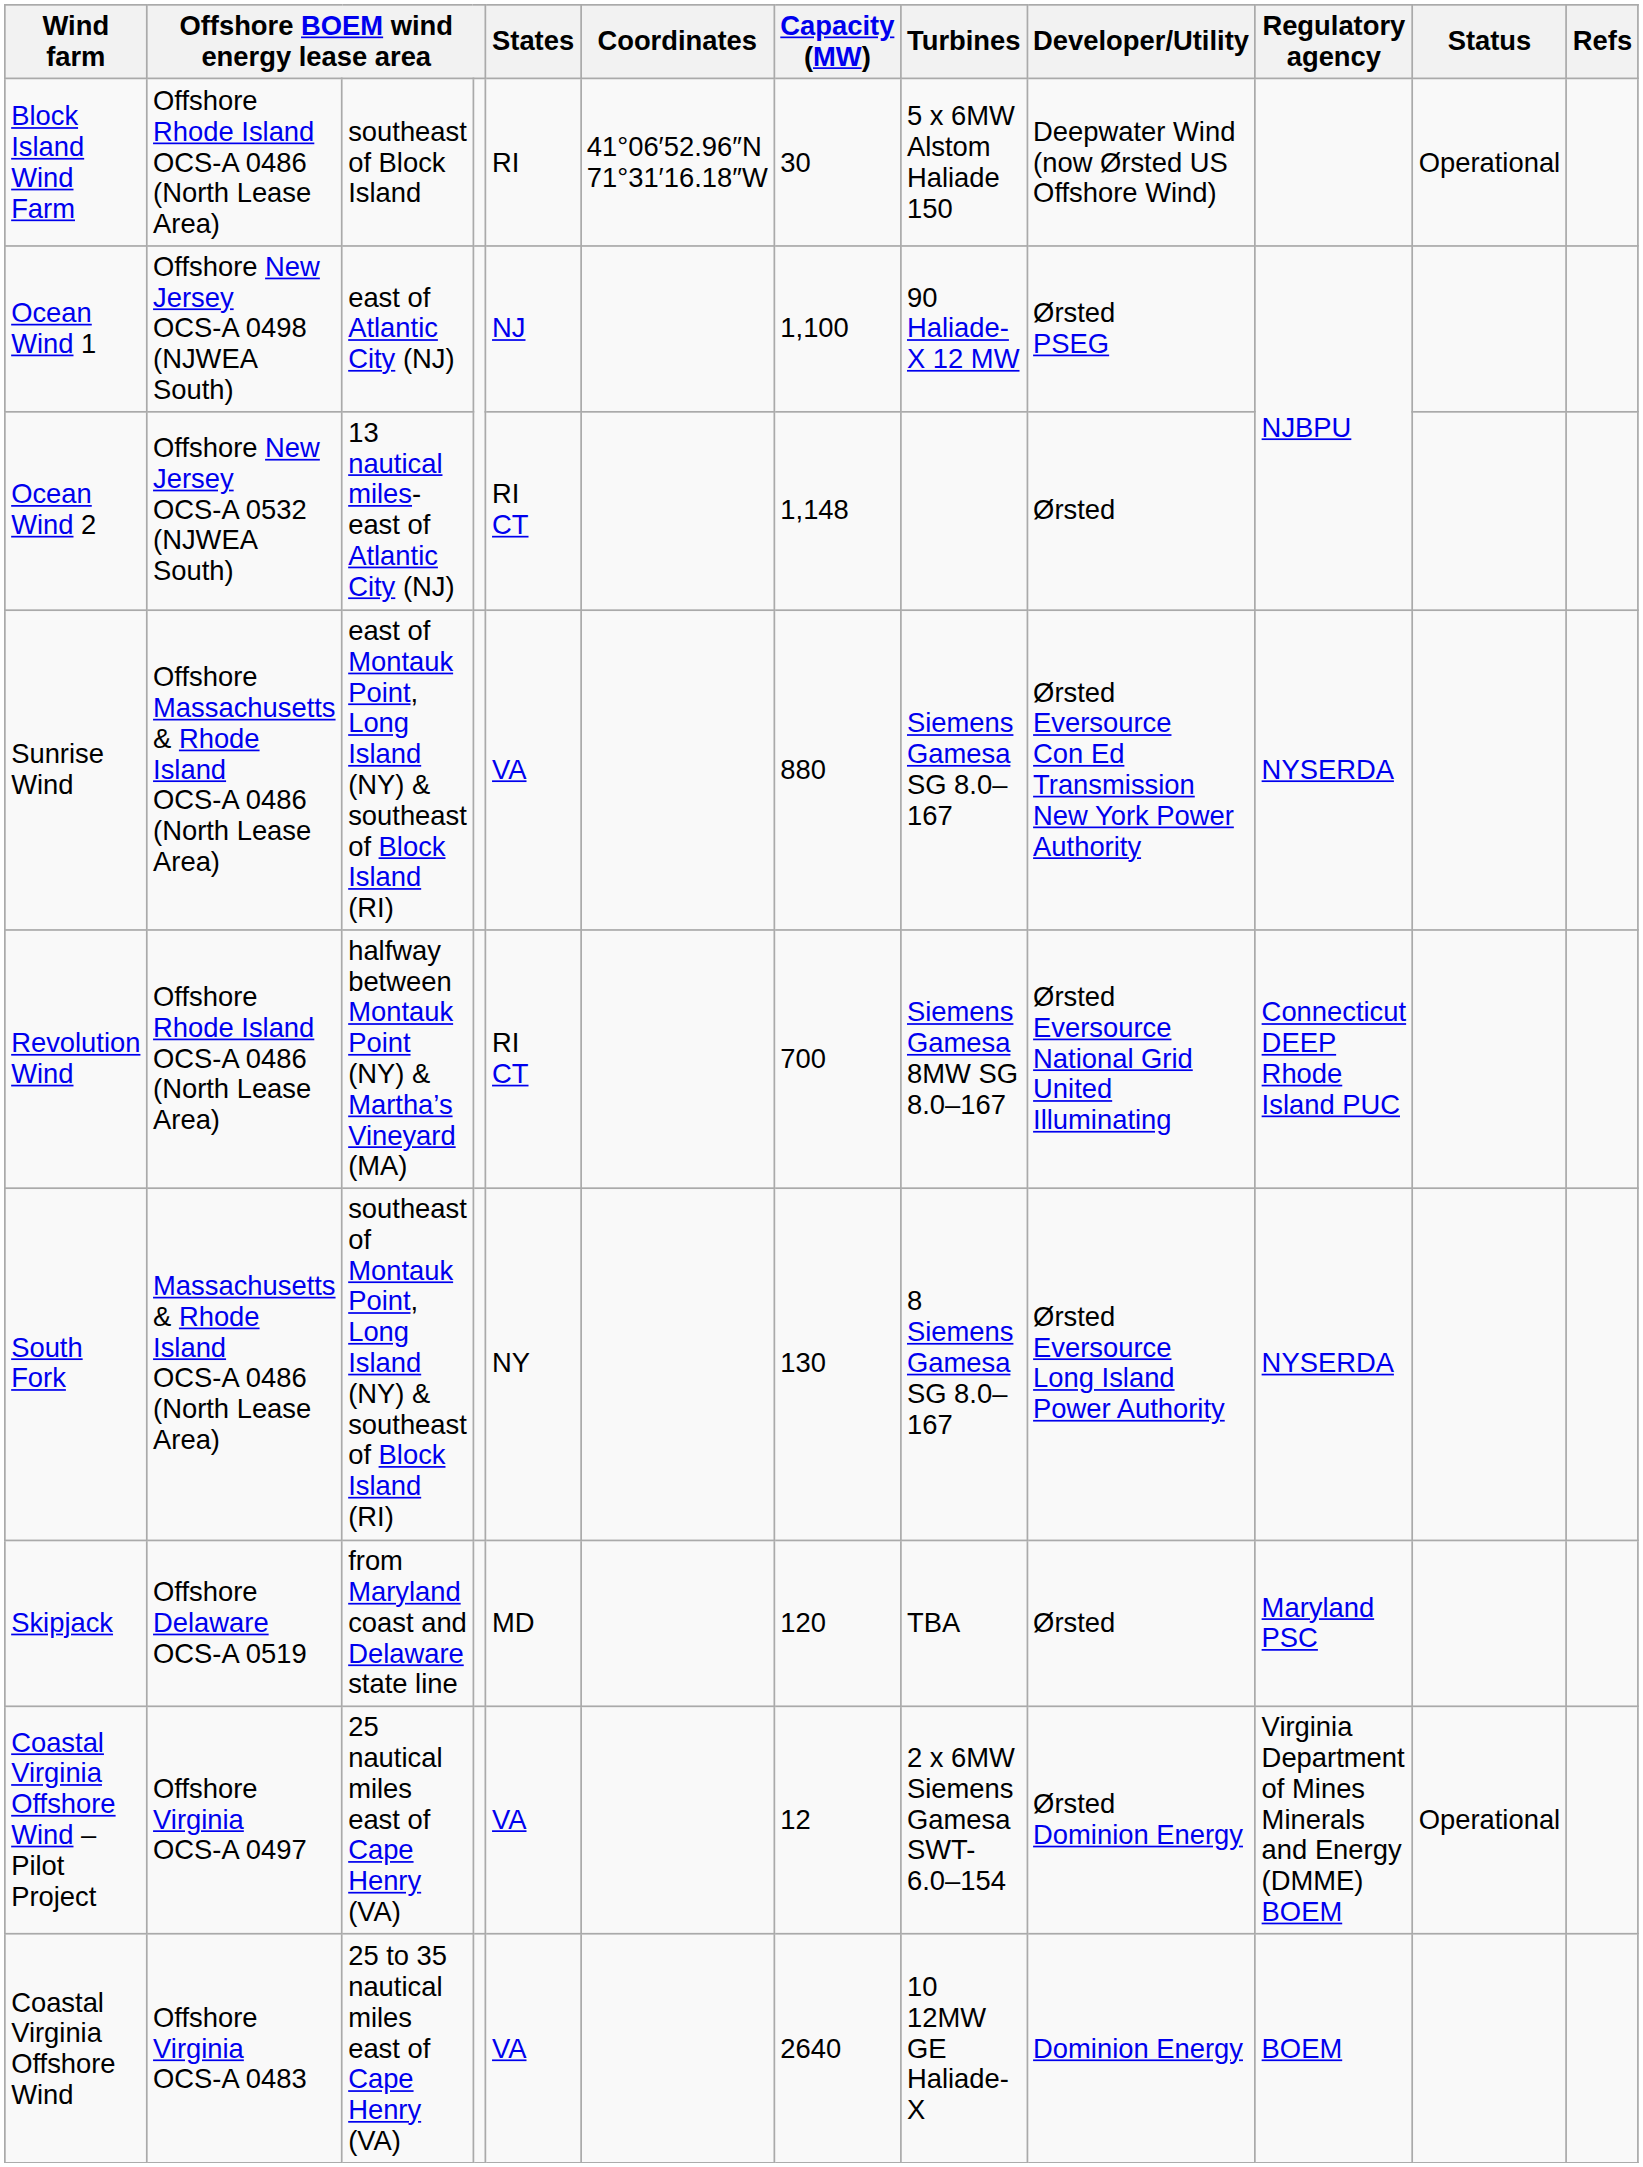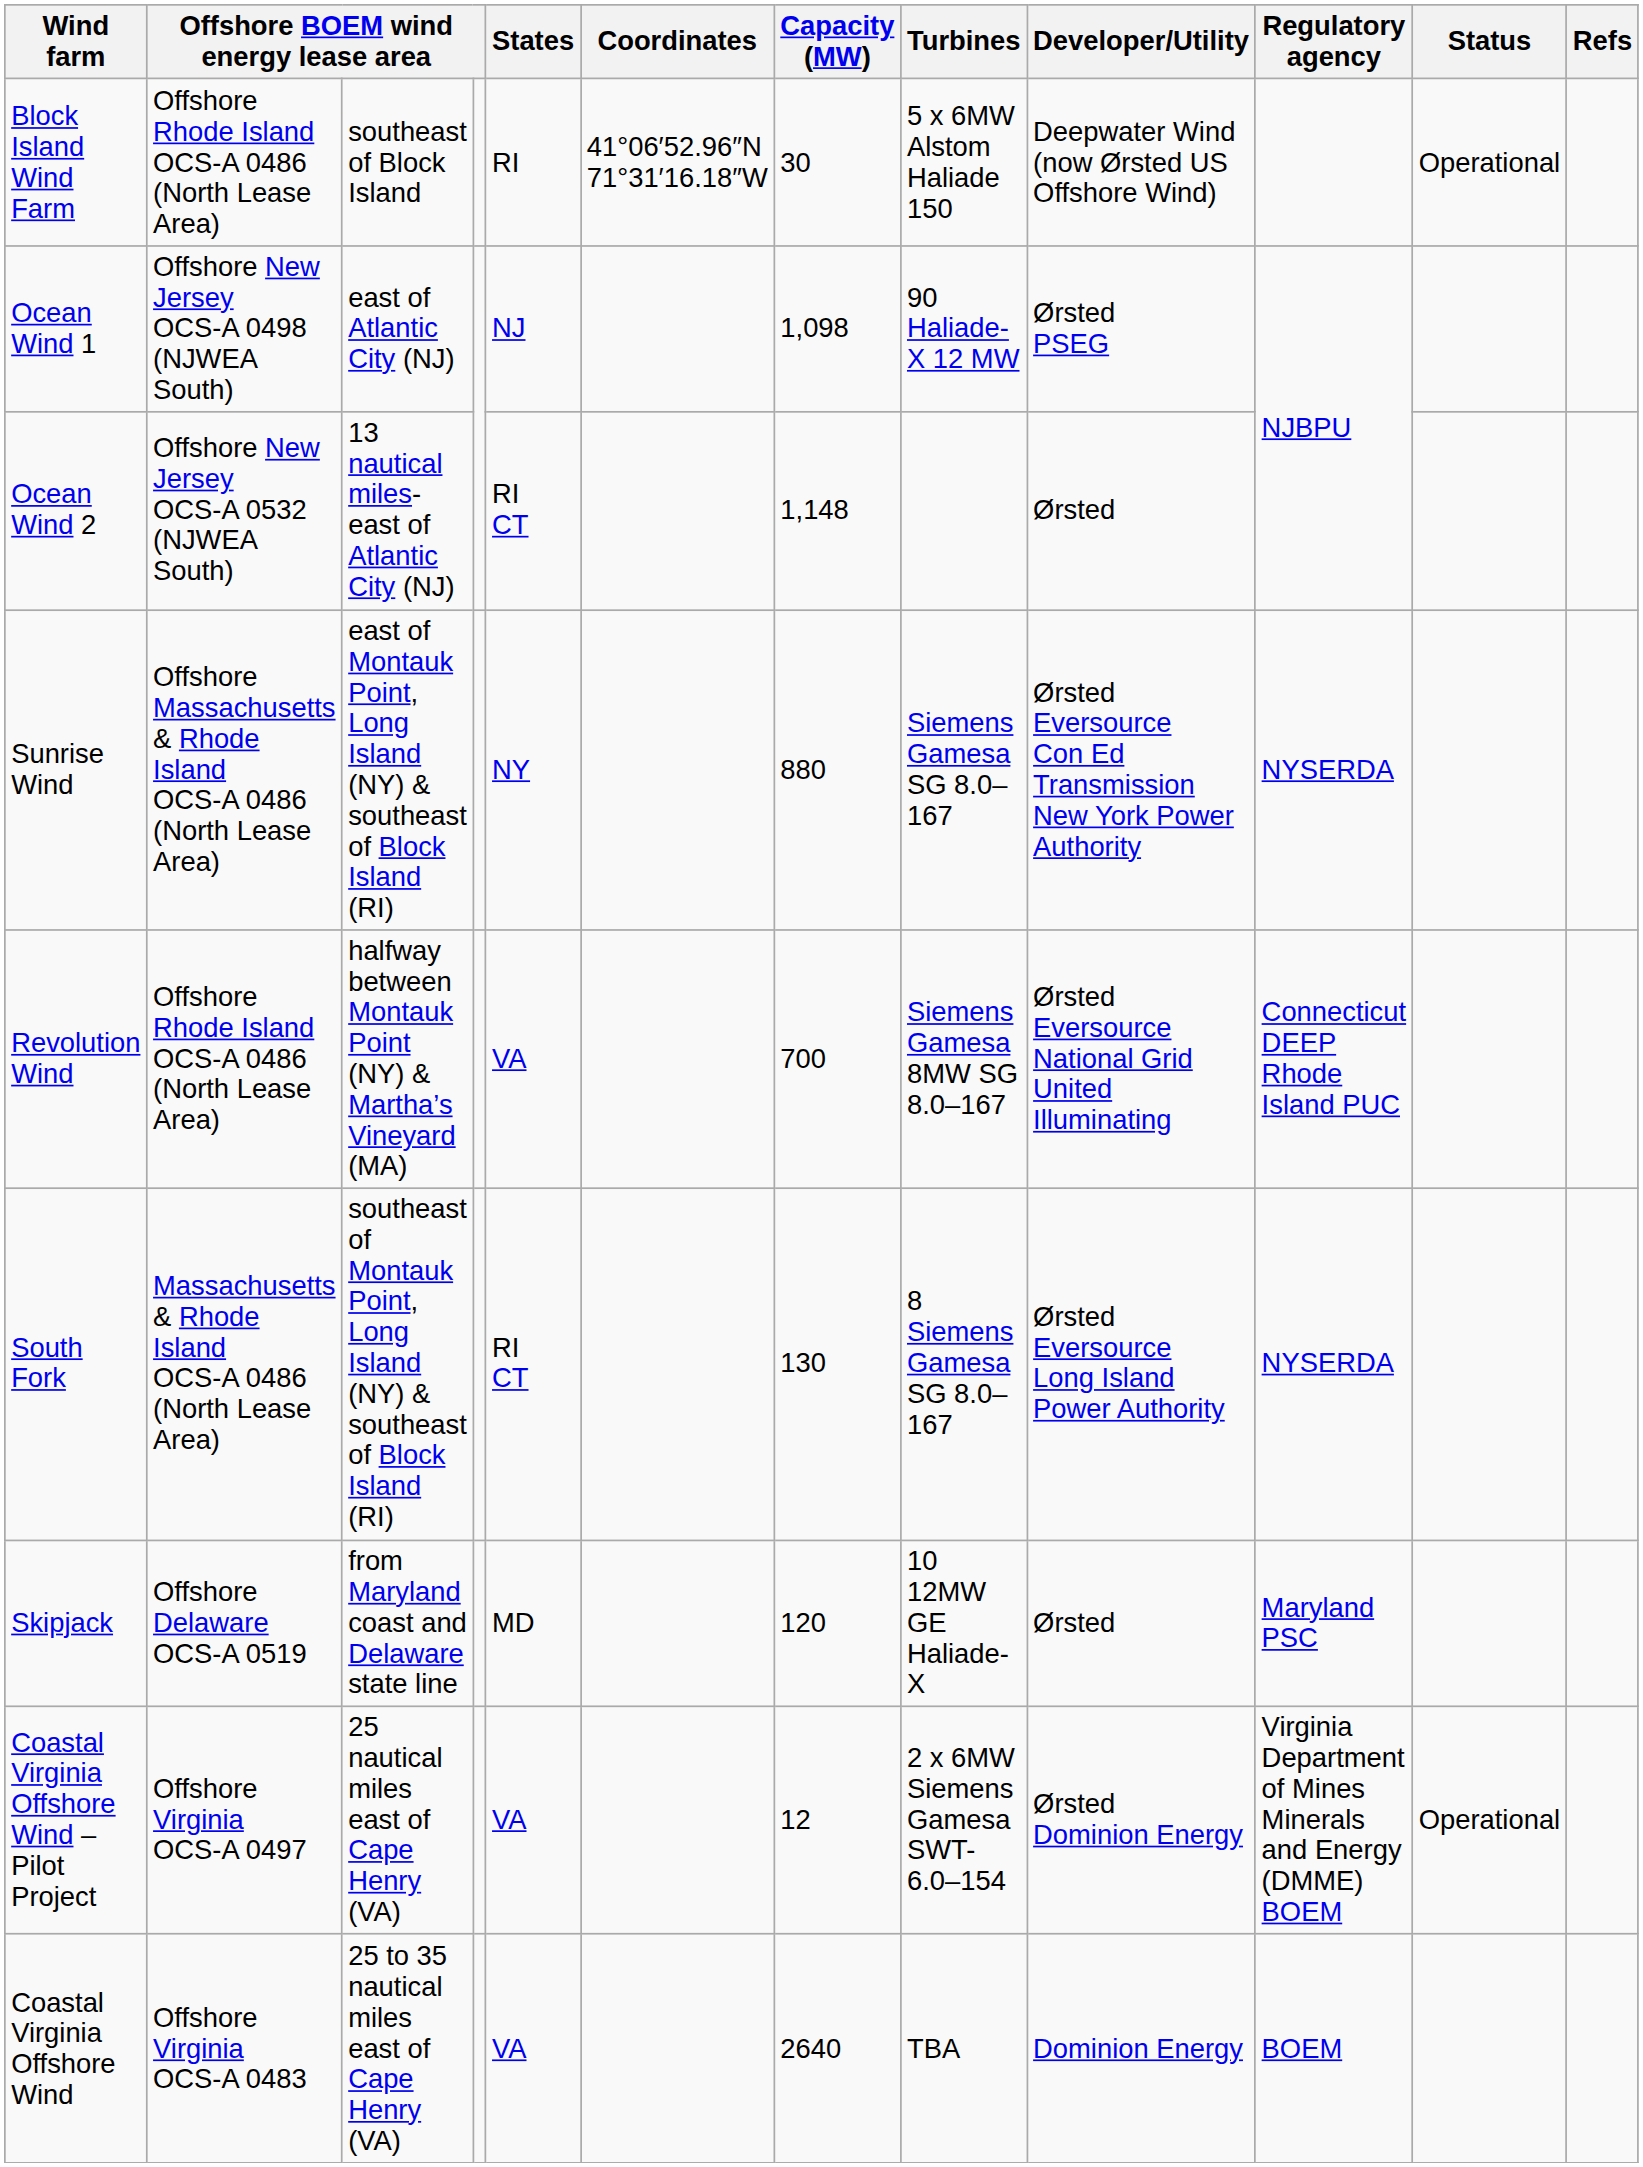 <table class="wikitable sortable">
 <tr>
 <th>Wind farm</th>
 <th colspan="3">Offshore <a href='#'>BOEM</a> wind energy lease area</th>
 <th>States</th>
 <th class="unsortable">Coordinates</th>
 <th data-sort-type="number"><a href='#'>Capacity</a><br>(<a href='#'>MW</a>)</th>
 <th>Turbines</th>
 <th>Developer/Utility</th>
 <th>Regulatory agency</th>
 <th>Status</th>
 <th>Refs</th>
 </tr>
 <tr>
 <td><a href='#'>Block Island Wind Farm</a></td>
 <td>Offshore <a href='#'>Rhode Island</a> OCS-A 0486 (North Lease Area)</td>
 <td> southeast of Block Island</td>
 <td></td>
 <td>RI</td>
 <td>41°06′52.96″N 71°31′16.18″W</td>
 <td>30</td>
 <td>5 x 6MW Alstom Haliade 150</td>
 <td>Deepwater Wind (now Ørsted US Offshore Wind)</td>
 <td></td>
 <td>Operational </td>
 <td></td>
 </tr>
 <tr>
 <td><a href='#'>Ocean Wind</a> 1</td>
 <td>Offshore <a href='#'>New Jersey</a><br>OCS-A 0498 (NJWEA South)</td>
 <td> east of <a href='#'>Atlantic City</a> (NJ)</td>
 <td rowspan="2"></td>
 <td><a href='#'>NJ</a></td>
 <td></td>
-<td>1,100</td>
+<td>1,098</td>
 <td>90 <a href='#'>Haliade-X 12 MW</a></td>
 <td>Ørsted<br><a href='#'>PSEG</a></td>
 <td rowspan="2"><a href='#'>NJBPU</a></td>
 <td></td>
 <td></td>
 </tr>
 <tr>
 <td><a href='#'>Ocean Wind</a> 2</td>
 <td>Offshore <a href='#'>New Jersey</a><br>OCS-A 0532 (NJWEA South)</td>
 <td>13 <a href='#'>nautical miles</a>- east of <a href='#'>Atlantic City</a> (NJ)</td>
 <td>RI<br><a href='#'>CT</a></td>
 <td></td>
 <td>1,148</td>
 <td></td>
 <td>Ørsted</td>
 <td></td>
 <td></td>
 </tr>
 <tr>
 <td>Sunrise Wind</td>
 <td>Offshore <a href='#'>Massachusetts</a> & <a href='#'>Rhode Island</a><br>OCS-A 0486 (North Lease Area)</td>
 <td> east of <a href='#'>Montauk Point</a>, <a href='#'>Long Island</a> (NY) &  southeast of <a href='#'>Block Island</a> (RI)</td>
 <td></td>
-<td><a href='#'>VA</a></td>
+<td><a href='#'>NY</a></td>
 <td></td>
 <td>880</td>
 <td><a href='#'>Siemens Gamesa</a> SG 8.0–167</td>
 <td>Ørsted<br><a href='#'>Eversource</a><br><a href='#'>Con Ed Transmission</a><br><a href='#'>New York Power Authority</a></td>
 <td><a href='#'>NYSERDA</a></td>
 <td></td>
 <td></td>
 </tr>
 <tr>
 <td><a href='#'>Revolution Wind</a></td>
 <td>Offshore <a href='#'>Rhode Island</a><br>OCS-A 0486 (North Lease Area)</td>
 <td>halfway between <a href='#'>Montauk Point</a> (NY) & <a href='#'>Martha’s Vineyard</a> (MA)</td>
 <td></td>
-<td>RI<br><a href='#'>CT</a></td>
+<td><a href='#'>VA</a></td>
 <td></td>
 <td>700</td>
 <td><a href='#'>Siemens Gamesa</a> 8MW SG 8.0–167</td>
 <td>Ørsted<br><a href='#'>Eversource</a><br><a href='#'>National Grid</a><br><a href='#'>United Illuminating</a></td>
 <td><a href='#'>Connecticut DEEP</a><br><a href='#'>Rhode Island PUC</a></td>
 <td></td>
 <td></td>
 </tr>
 <tr>
 <td><a href='#'>South Fork</a></td>
 <td><a href='#'>Massachusetts</a> & <a href='#'>Rhode Island</a><br>OCS-A 0486 (North Lease Area)</td>
 <td> southeast of <a href='#'>Montauk Point</a>, <a href='#'>Long Island</a> (NY) &  southeast of <a href='#'>Block Island</a> (RI)</td>
 <td></td>
-<td>NY</td>
+<td>RI<br><a href='#'>CT</a></td>
 <td></td>
 <td>130</td>
 <td>8 <a href='#'>Siemens Gamesa</a> SG 8.0–167</td>
 <td>Ørsted<br><a href='#'>Eversource</a><br><a href='#'>Long Island Power Authority</a></td>
 <td><a href='#'>NYSERDA</a></td>
 <td></td>
 <td></td>
 </tr>
 <tr>
 <td><a href='#'>Skipjack</a></td>
 <td>Offshore <a href='#'>Delaware</a><br>OCS-A 0519</td>
 <td> from <a href='#'>Maryland</a> coast and <a href='#'>Delaware</a> state line</td>
 <td></td>
 <td>MD</td>
 <td></td>
 <td>120</td>
-<td>TBA</td>
+<td>10 12MW GE Haliade-X</td>
 <td>Ørsted</td>
 <td><a href='#'>Maryland PSC</a></td>
 <td></td>
 <td></td>
 </tr>
 <tr>
 <td><a href='#'>Coastal Virginia Offshore Wind</a> – Pilot Project</td>
 <td>Offshore <a href='#'>Virginia</a><br>OCS-A 0497</td>
 <td>25 nautical miles east of <a href='#'>Cape Henry</a> (VA)</td>
 <td></td>
 <td><a href='#'>VA</a></td>
 <td></td>
 <td>12</td>
 <td>2 x 6MW<br>Siemens Gamesa SWT-6.0–154</td>
 <td>Ørsted<br><a href='#'>Dominion Energy</a></td>
 <td>Virginia Department of Mines Minerals and Energy (DMME)<br><a href='#'>BOEM</a></td>
 <td>Operational </td>
 <td></td>
 </tr>
 <tr>
 <td>Coastal Virginia Offshore Wind</td>
 <td>Offshore <a href='#'>Virginia</a><br>OCS-A 0483</td>
 <td>25 to 35 nautical miles east of <a href='#'>Cape Henry</a> (VA)</td>
 <td></td>
 <td><a href='#'>VA</a></td>
 <td></td>
 <td>2640</td>
-<td>10 12MW GE Haliade-X</td>
+<td>TBA</td>
 <td><a href='#'>Dominion Energy</a></td>
 <td><a href='#'>BOEM</a></td>
 <td></td>
 <td></td>
 </tr>
 </table>
